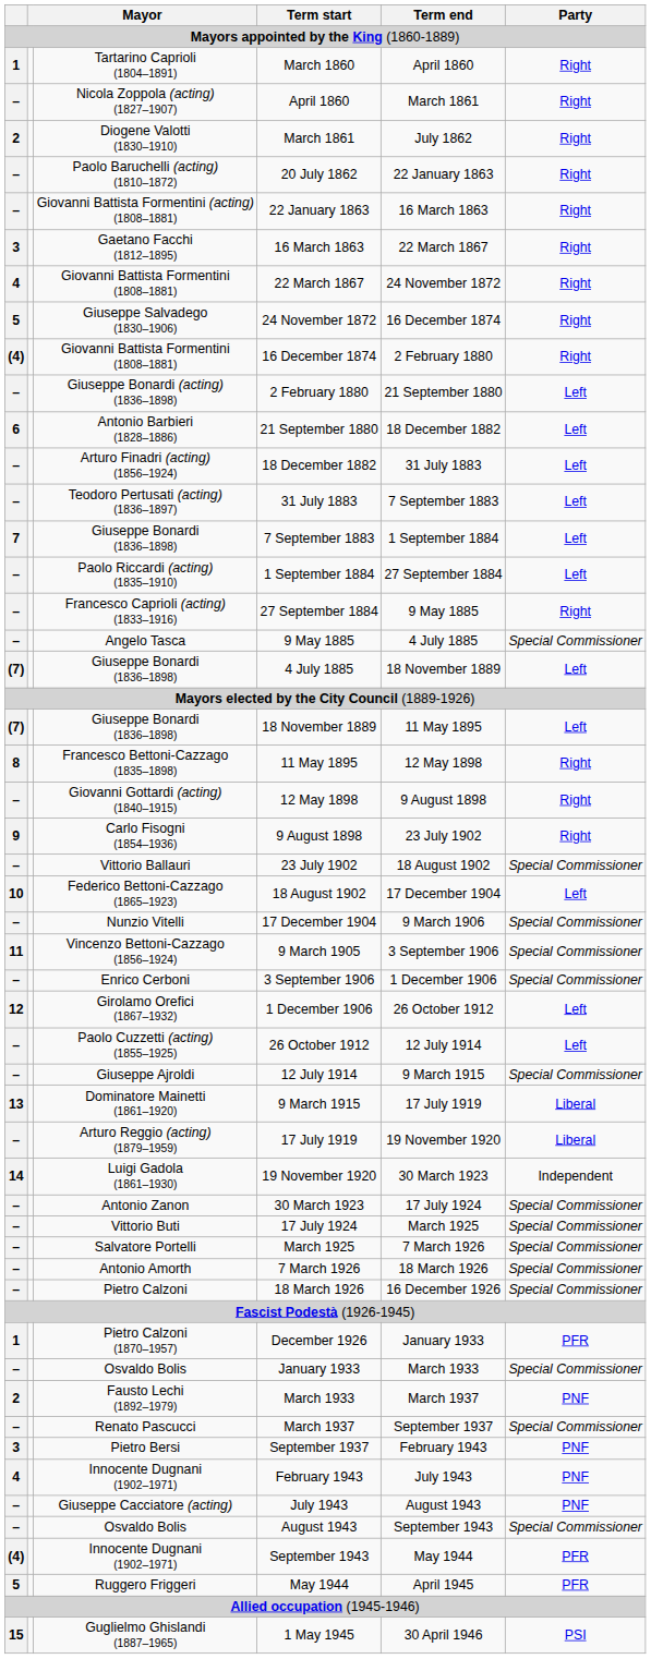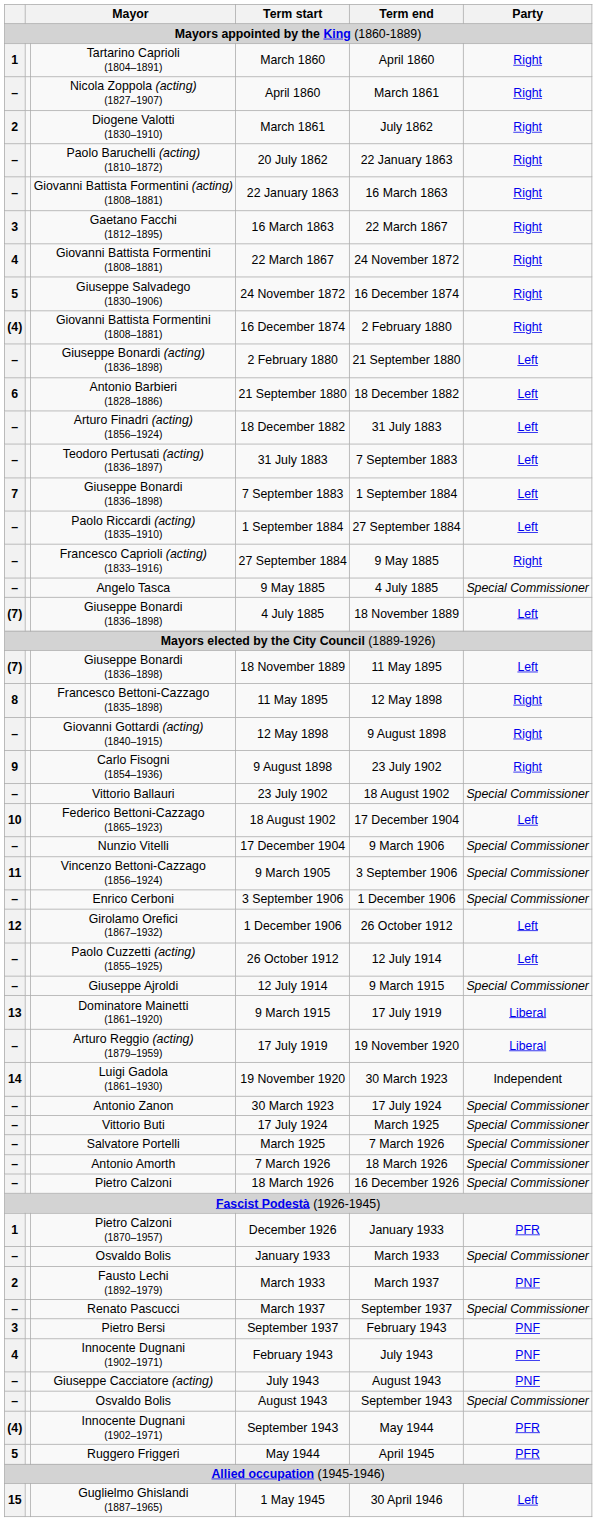 <table class="wikitable" style="text-align: center;">
 <tr>
 <th class=unsortable> </th>
 <th colspan=2>Mayor</th>
 <th>Term start</th>
 <th>Term end</th>
 <th>Party</th>
 </tr>
 <tr>
 <td colspan="8" bgcolor="lightgrey" align=center><strong>Mayors appointed by the <a href='#'>King</a></strong> (1860-1889)</td>
 </tr>
 <tr>
 <th style="background:">1</th>
 <td></td>
 <td>Tartarino Caprioli<br><small>(1804–1891)</small></td>
 <td>March 1860</td>
 <td>April 1860</td>
 <td><a href='#'>Right</a></td>
 </tr>
 <tr>
 <th style="background:">–</th>
 <td></td>
 <td>Nicola Zoppola <em>(acting)</em><br><small>(1827–1907)</small></td>
 <td>April 1860</td>
 <td>March 1861</td>
 <td><a href='#'>Right</a></td>
 </tr>
 <tr>
 <th style="background:">2</th>
 <td></td>
 <td>Diogene Valotti<br><small>(1830–1910)</small></td>
 <td>March 1861</td>
 <td>July 1862</td>
 <td><a href='#'>Right</a></td>
 </tr>
 <tr>
 <th style="background:">–</th>
 <td></td>
 <td>Paolo Baruchelli <em>(acting)</em><br><small>(1810–1872)</small></td>
 <td>20 July 1862</td>
 <td>22 January 1863</td>
 <td><a href='#'>Right</a></td>
 </tr>
 <tr>
 <th style="background:">–</th>
 <td></td>
 <td>Giovanni Battista Formentini <em>(acting)</em><br><small>(1808–1881)</small></td>
 <td>22 January 1863</td>
 <td>16 March 1863</td>
 <td><a href='#'>Right</a></td>
 </tr>
 <tr>
 <th style="background:">3</th>
 <td></td>
 <td>Gaetano Facchi<br><small>(1812–1895)</small></td>
 <td>16 March 1863</td>
 <td>22 March 1867</td>
 <td><a href='#'>Right</a></td>
 </tr>
 <tr>
 <th style="background:">4</th>
 <td></td>
 <td>Giovanni Battista Formentini<br><small>(1808–1881)</small></td>
 <td>22 March 1867</td>
 <td>24 November 1872</td>
 <td><a href='#'>Right</a></td>
 </tr>
 <tr>
 <th style="background:">5</th>
 <td></td>
 <td>Giuseppe Salvadego<br><small>(1830–1906)</small></td>
 <td>24 November 1872</td>
 <td>16 December 1874</td>
 <td><a href='#'>Right</a></td>
 </tr>
 <tr>
 <th style="background:">(4)</th>
 <td></td>
 <td>Giovanni Battista Formentini<br><small>(1808–1881)</small></td>
 <td>16 December 1874</td>
 <td>2 February 1880</td>
 <td><a href='#'>Right</a></td>
 </tr>
 <tr>
 <th style="background:">–</th>
 <td></td>
 <td>Giuseppe Bonardi <em>(acting)</em><br><small>(1836–1898)</small></td>
 <td>2 February 1880</td>
 <td>21 September 1880</td>
 <td><a href='#'>Left</a></td>
 </tr>
 <tr>
 <th style="background:">6</th>
 <td></td>
 <td>Antonio Barbieri<br><small>(1828–1886)</small></td>
 <td>21 September 1880</td>
 <td>18 December 1882</td>
 <td><a href='#'>Left</a></td>
 </tr>
 <tr>
 <th style="background:">–</th>
 <td></td>
 <td>Arturo Finadri <em>(acting)</em><br><small>(1856–1924)</small></td>
 <td>18 December 1882</td>
 <td>31 July 1883</td>
 <td><a href='#'>Left</a></td>
 </tr>
 <tr>
 <th style="background:">–</th>
 <td></td>
 <td>Teodoro Pertusati <em>(acting)</em><br><small>(1836–1897)</small></td>
 <td>31 July 1883</td>
 <td>7 September 1883</td>
 <td><a href='#'>Left</a></td>
 </tr>
 <tr>
 <th style="background:">7</th>
 <td></td>
 <td align=center>Giuseppe Bonardi<br><small>(1836–1898)</small></td>
 <td>7 September 1883</td>
 <td>1 September 1884</td>
 <td><a href='#'>Left</a></td>
 </tr>
 <tr>
 <th style="background:">–</th>
 <td></td>
 <td>Paolo Riccardi <em>(acting)</em><br><small>(1835–1910)</small></td>
 <td>1 September 1884</td>
 <td>27 September 1884</td>
 <td><a href='#'>Left</a></td>
 </tr>
 <tr>
 <th style="background:">–</th>
 <td></td>
 <td>Francesco Caprioli <em>(acting)</em><br><small>(1833–1916)</small></td>
 <td>27 September 1884</td>
 <td>9 May 1885</td>
 <td><a href='#'>Right</a></td>
 </tr>
 <tr>
 <th rowspan=1 style="background:">–</th>
 <td></td>
 <td>Angelo Tasca</td>
 <td>9 May 1885</td>
 <td>4 July 1885</td>
 <td><em>Special Commissioner</em></td>
 </tr>
 <tr>
 <th style="background:">(7)</th>
 <td></td>
 <td>Giuseppe Bonardi<br><small>(1836–1898)</small></td>
 <td>4 July 1885</td>
 <td>18 November 1889</td>
 <td><a href='#'>Left</a></td>
 </tr>
 <tr>
 <td colspan="8" bgcolor="lightgrey" align=center><strong>Mayors elected by the City Council</strong> (1889-1926)</td>
 </tr>
 <tr>
 <th style="background:">(7)</th>
 <td></td>
 <td>Giuseppe Bonardi<br><small>(1836–1898)</small></td>
 <td>18 November 1889</td>
 <td>11 May 1895</td>
 <td><a href='#'>Left</a></td>
 </tr>
 <tr>
 <th style="background:">8</th>
 <td></td>
 <td>Francesco Bettoni-Cazzago<br><small>(1835–1898)</small></td>
 <td>11 May 1895</td>
 <td>12 May 1898</td>
 <td><a href='#'>Right</a></td>
 </tr>
 <tr>
 <th style="background:">–</th>
 <td></td>
 <td>Giovanni Gottardi <em>(acting)</em><br><small>(1840–1915)</small></td>
 <td>12 May 1898</td>
 <td>9 August 1898</td>
 <td><a href='#'>Right</a></td>
 </tr>
 <tr>
 <th style="background:">9</th>
 <td></td>
 <td>Carlo Fisogni<br><small>(1854–1936)</small></td>
 <td>9 August 1898</td>
 <td>23 July 1902</td>
 <td><a href='#'>Right</a></td>
 </tr>
 <tr>
 <th rowspan=1 style="background:">–</th>
 <td></td>
 <td>Vittorio Ballauri</td>
 <td>23 July 1902</td>
 <td>18 August 1902</td>
 <td><em>Special Commissioner</em></td>
 </tr>
 <tr>
 <th style="background:">10</th>
 <td></td>
 <td>Federico Bettoni-Cazzago<br><small>(1865–1923)</small></td>
 <td>18 August 1902</td>
 <td>17 December 1904</td>
 <td><a href='#'>Left</a></td>
 </tr>
 <tr>
 <th rowspan=1 style="background:">–</th>
 <td></td>
 <td>Nunzio Vitelli</td>
 <td>17 December 1904</td>
 <td>9 March 1906</td>
 <td><em>Special Commissioner</em></td>
 </tr>
 <tr>
 <th style="background:">11</th>
 <td></td>
 <td>Vincenzo Bettoni-Cazzago<br><small>(1856–1924)</small></td>
 <td>9 March 1905</td>
 <td>3 September 1906</td>
 <td><em>Special Commissioner</em></td>
 </tr>
 <tr>
 <th rowspan=1 style="background:">–</th>
 <td></td>
 <td>Enrico Cerboni</td>
 <td>3 September 1906</td>
 <td>1 December 1906</td>
 <td><em>Special Commissioner</em></td>
 </tr>
 <tr>
 <th style="background:">12</th>
 <td></td>
 <td>Girolamo Orefici<br><small>(1867–1932)</small></td>
 <td>1 December 1906</td>
 <td>26 October 1912</td>
 <td><a href='#'>Left</a></td>
 </tr>
 <tr>
 <th style="background:">–</th>
 <td></td>
 <td>Paolo Cuzzetti <em>(acting)</em><br><small>(1855–1925)</small></td>
 <td>26 October 1912</td>
 <td>12 July 1914</td>
 <td><a href='#'>Left</a></td>
 </tr>
 <tr>
 <th rowspan=1 style="background:">–</th>
 <td></td>
 <td>Giuseppe Ajroldi</td>
 <td>12 July 1914</td>
 <td>9 March 1915</td>
 <td><em>Special Commissioner</em></td>
 </tr>
 <tr>
 <th style="background:">13</th>
 <td></td>
 <td>Dominatore Mainetti<br><small>(1861–1920)</small></td>
 <td>9 March 1915</td>
 <td>17 July 1919</td>
 <td><a href='#'>Liberal</a></td>
 </tr>
 <tr>
 <th style="background:">–</th>
 <td></td>
 <td>Arturo Reggio <em>(acting)</em><br><small>(1879–1959)</small></td>
 <td>17 July 1919</td>
 <td>19 November 1920</td>
 <td><a href='#'>Liberal</a></td>
 </tr>
 <tr>
 <th style="background:">14</th>
 <td></td>
 <td>Luigi Gadola<br><small>(1861–1930)</small></td>
 <td>19 November 1920</td>
 <td>30 March 1923</td>
 <td>Independent</td>
 </tr>
 <tr>
 <th rowspan=1 style="background:">–</th>
 <td></td>
 <td>Antonio Zanon</td>
 <td>30 March 1923</td>
 <td>17 July 1924</td>
 <td><em>Special Commissioner</em></td>
 </tr>
 <tr>
 <th rowspan=1 style="background:">–</th>
 <td></td>
 <td>Vittorio Buti</td>
 <td>17 July 1924</td>
 <td>March 1925</td>
 <td><em>Special Commissioner</em></td>
 </tr>
 <tr>
 <th rowspan=1 style="background:">–</th>
 <td></td>
 <td>Salvatore Portelli</td>
 <td>March 1925</td>
 <td>7 March 1926</td>
 <td><em>Special Commissioner</em></td>
 </tr>
 <tr>
 <th rowspan=1 style="background:">–</th>
 <td></td>
 <td>Antonio Amorth</td>
 <td>7 March 1926</td>
 <td>18 March 1926</td>
 <td><em>Special Commissioner</em></td>
 </tr>
 <tr>
 <th rowspan=1 style="background:">–</th>
 <td></td>
 <td>Pietro Calzoni</td>
 <td>18 March 1926</td>
 <td>16 December 1926</td>
 <td><em>Special Commissioner</em></td>
 </tr>
 <tr>
 <td colspan="8" bgcolor="lightgrey" align=center><strong><a href='#'>Fascist Podestà</a></strong> (1926-1945)</td>
 </tr>
 <tr>
 <th rowspan=1 style="background:">1</th>
 <td></td>
 <td>Pietro Calzoni<br><small>(1870–1957)</small></td>
 <td>December 1926</td>
 <td>January 1933</td>
 <td><a href='#'>PFR</a></td>
 </tr>
 <tr>
 <th rowspan=1 style="background:">–</th>
 <td></td>
 <td>Osvaldo Bolis</td>
 <td>January 1933</td>
 <td>March 1933</td>
 <td><em>Special Commissioner</em></td>
 </tr>
 <tr>
 <th rowspan=1 style="background:">2</th>
 <td></td>
 <td>Fausto Lechi<br><small>(1892–1979)</small></td>
 <td>March 1933</td>
 <td>March 1937</td>
 <td><a href='#'>PNF</a></td>
 </tr>
 <tr>
 <th rowspan=1 style="background:">–</th>
 <td></td>
 <td>Renato Pascucci</td>
 <td>March 1937</td>
 <td>September 1937</td>
 <td><em>Special Commissioner</em></td>
 </tr>
 <tr>
 <th rowspan=1 style="background:">3</th>
 <td></td>
 <td>Pietro Bersi</td>
 <td>September 1937</td>
 <td>February 1943</td>
 <td><a href='#'>PNF</a></td>
 </tr>
 <tr>
 <th rowspan=1 style="background:">4</th>
 <td></td>
 <td>Innocente Dugnani<br><small>(1902–1971)</small></td>
 <td>February 1943</td>
 <td>July 1943</td>
 <td><a href='#'>PNF</a></td>
 </tr>
 <tr>
 <th rowspan=1 style="background:">–</th>
 <td></td>
 <td>Giuseppe Cacciatore <em>(acting)</em></td>
 <td>July 1943</td>
 <td>August 1943</td>
 <td><a href='#'>PNF</a></td>
 </tr>
 <tr>
 <th rowspan=1 style="background:">–</th>
 <td></td>
 <td>Osvaldo Bolis</td>
 <td>August 1943</td>
 <td>September 1943</td>
 <td><em>Special Commissioner</em></td>
 </tr>
 <tr>
 <th rowspan=1 style="background:">(4)</th>
 <td></td>
 <td>Innocente Dugnani<br><small>(1902–1971)</small></td>
 <td>September 1943</td>
 <td>May 1944</td>
 <td><a href='#'>PFR</a></td>
 </tr>
 <tr>
 <th rowspan=1 style="background:">5</th>
 <td></td>
 <td>Ruggero Friggeri</td>
 <td>May 1944</td>
 <td>April 1945</td>
 <td><a href='#'>PFR</a></td>
 </tr>
 <tr>
 <td colspan="8" bgcolor="lightgrey" align=center><strong><a href='#'>Allied occupation</a></strong> (1945-1946)</td>
 </tr>
 <tr>
 <th style="background:">15</th>
 <td></td>
 <td>Guglielmo Ghislandi<br><small>(1887–1965)</small></td>
 <td>1 May 1945</td>
 <td>30 April 1946</td>
-<td><a href='#'>PSI</a></td>
+<td><a href='#'>Left</a></td>
 </tr>
 </table>
